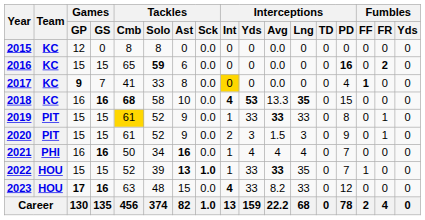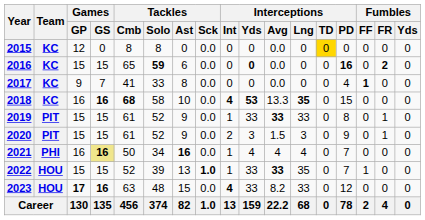 <table class="wikitable" style="text-align:center;">
 <tr>
 <th rowspan="2">Year</th>
 <th rowspan="2">Team</th>
 <th colspan="2">Games</th>
 <th colspan="4">Tackles</th>
 <th colspan="6">Interceptions</th>
 <th colspan="3">Fumbles</th>
 </tr>
 <tr>
 <th>GP</th>
 <th>GS</th>
 <th>Cmb</th>
 <th>Solo</th>
 <th>Ast</th>
 <th>Sck</th>
 <th>Int</th>
 <th>Yds</th>
 <th>Avg</th>
 <th>Lng</th>
 <th>TD</th>
 <th>PD</th>
 <th>FF</th>
 <th>FR</th>
 <th>Yds</th>
 </tr>
 <tr>
 <th><a href='#'>2015</a></th>
 <th><a href='#'>KC</a></th>
 <td>12</td>
 <td>0</td>
 <td>8</td>
 <td>8</td>
 <td>0</td>
 <td>0.0</td>
 <td>0</td>
 <td>0</td>
 <td>0.0</td>
 <td>0</td>
-<td>0</td>
+<td style="background: gold;">0</td>
 <td>0</td>
 <td>0</td>
 <td>0</td>
 <td>0</td>
 </tr>
 <tr>
 <th><a href='#'>2016</a></th>
 <th><a href='#'>KC</a></th>
 <td>15</td>
 <td>15</td>
 <td>65</td>
 <td><strong>59</strong></td>
 <td>6</td>
 <td>0.0</td>
 <td>0</td>
-<td>0</td>
+<td><strong>0</strong></td>
 <td>0.0</td>
 <td>0</td>
 <td>0</td>
 <td><strong>16</strong></td>
 <td>0</td>
 <td><strong>2</strong></td>
 <td>0</td>
 </tr>
 <tr>
 <th><a href='#'>2017</a></th>
 <th><a href='#'>KC</a></th>
-<td><strong>9</strong></td>
+<td>9</td>
 <td>7</td>
 <td>41</td>
 <td>33</td>
 <td>8</td>
 <td>0.0</td>
-<td style="background: gold;">0</td>
+<td>0</td>
 <td>0</td>
 <td>0.0</td>
 <td>0</td>
 <td>0</td>
 <td>4</td>
 <td><strong>1</strong></td>
 <td>0</td>
 <td>0</td>
 </tr>
 <tr>
 <th><a href='#'>2018</a></th>
 <th><a href='#'>KC</a></th>
 <td>16</td>
 <td><strong>16</strong></td>
 <td><strong>68</strong></td>
 <td>58</td>
 <td>10</td>
 <td>0.0</td>
 <td><strong>4</strong></td>
 <td><strong>53</strong></td>
 <td>13.3</td>
 <td><strong>35</strong></td>
 <td>0</td>
 <td>15</td>
 <td>0</td>
 <td>0</td>
 <td>0</td>
 </tr>
 <tr>
 <th><a href='#'>2019</a></th>
 <th><a href='#'>PIT</a></th>
 <td>15</td>
 <td>15</td>
-<td style="background: gold;">61</td>
+<td>61</td>
 <td>52</td>
 <td>9</td>
 <td>0.0</td>
 <td>1</td>
 <td>33</td>
 <td><strong>33</strong></td>
 <td>33</td>
 <td>0</td>
 <td>8</td>
 <td>0</td>
 <td>1</td>
 <td>0</td>
 </tr>
 <tr>
 <th><a href='#'>2020</a></th>
 <th><a href='#'>PIT</a></th>
 <td>15</td>
 <td>15</td>
 <td>61</td>
 <td>52</td>
 <td>9</td>
 <td>0.0</td>
 <td>2</td>
 <td>3</td>
 <td>1.5</td>
 <td>3</td>
 <td>0</td>
 <td>9</td>
 <td>0</td>
 <td>1</td>
 <td>0</td>
 </tr>
 <tr>
 <th><a href='#'>2021</a></th>
 <th><a href='#'>PHI</a></th>
 <td>16</td>
-<td><strong>16</strong></td>
+<td style="background: khaki;"><strong>16</strong></td>
 <td>50</td>
 <td>34</td>
 <td><strong>16</strong></td>
 <td>0.0</td>
 <td>1</td>
 <td>4</td>
 <td>4</td>
 <td>4</td>
 <td>0</td>
 <td>7</td>
 <td>0</td>
 <td>0</td>
 <td>0</td>
 </tr>
 <tr>
 <th><a href='#'>2022</a></th>
 <th><a href='#'>HOU</a></th>
 <td>15</td>
 <td>15</td>
 <td>52</td>
 <td>39</td>
-<td><strong>13</strong></td>
+<td>13</td>
 <td><strong>1.0</strong></td>
 <td>1</td>
 <td>33</td>
 <td><strong>33</strong></td>
 <td>35</td>
 <td>0</td>
 <td>7</td>
 <td>1</td>
 <td>0</td>
 <td>0</td>
 </tr>
 <tr>
 <th><a href='#'>2023</a></th>
 <th><a href='#'>HOU</a></th>
 <td><strong>17</strong></td>
 <td><strong>16</strong></td>
 <td>63</td>
 <td>48</td>
 <td>15</td>
 <td>0.0</td>
 <td><strong>4</strong></td>
 <td>33</td>
 <td>8.2</td>
 <td>33</td>
 <td>0</td>
 <td>12</td>
 <td>0</td>
 <td>0</td>
 <td>0</td>
 </tr>
 <tr>
 <th colspan="2">Career</th>
 <th>130</th>
 <th>135</th>
 <th>456</th>
 <th>374</th>
 <th>82</th>
 <th>1.0</th>
 <th>13</th>
 <th>159</th>
 <th>22.2</th>
 <th>68</th>
 <th>0</th>
 <th>78</th>
 <th>2</th>
 <th>4</th>
 <th>0</th>
 </tr>
 </table>
